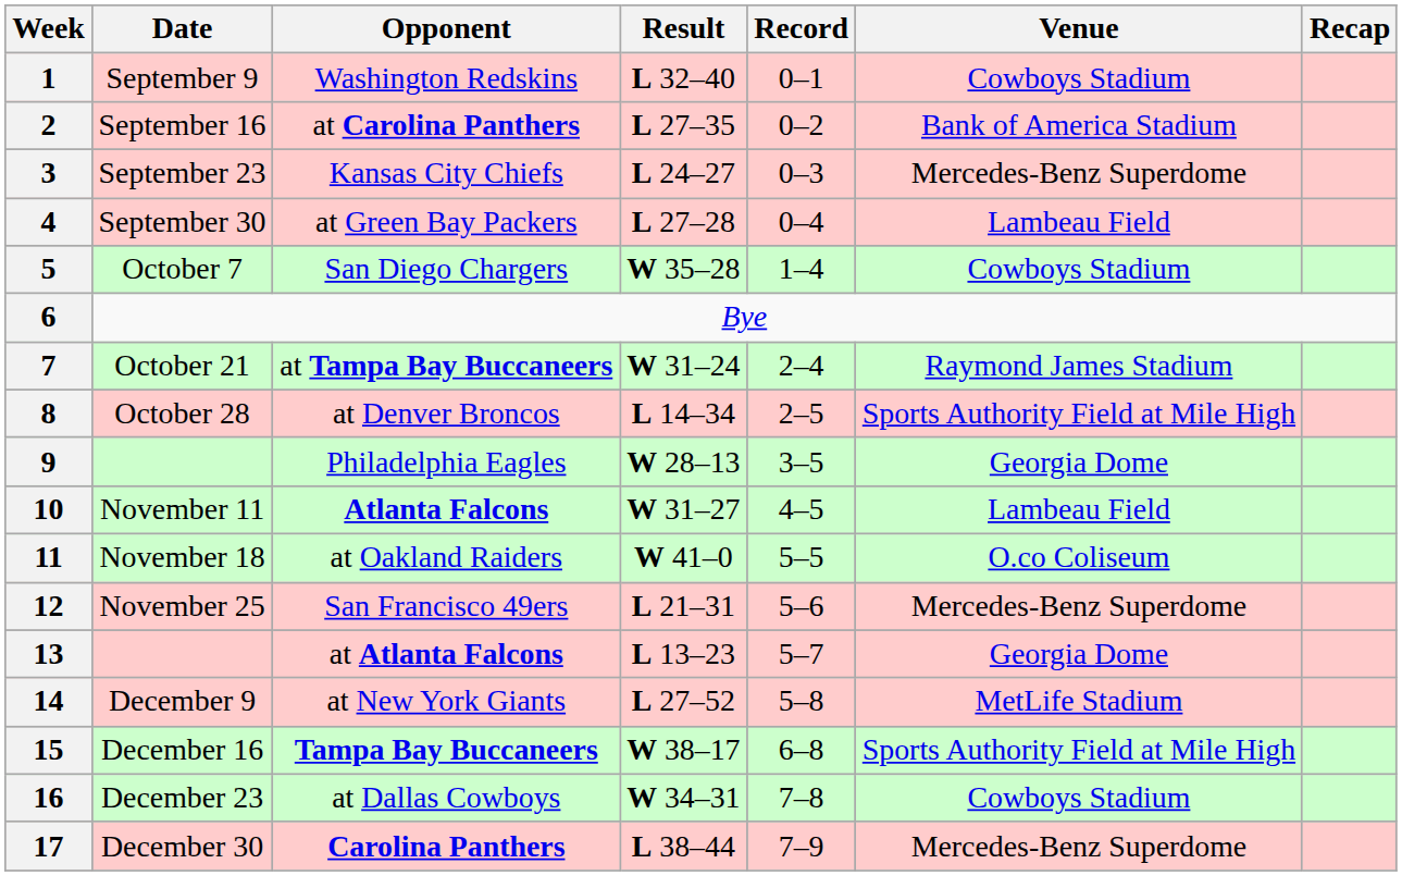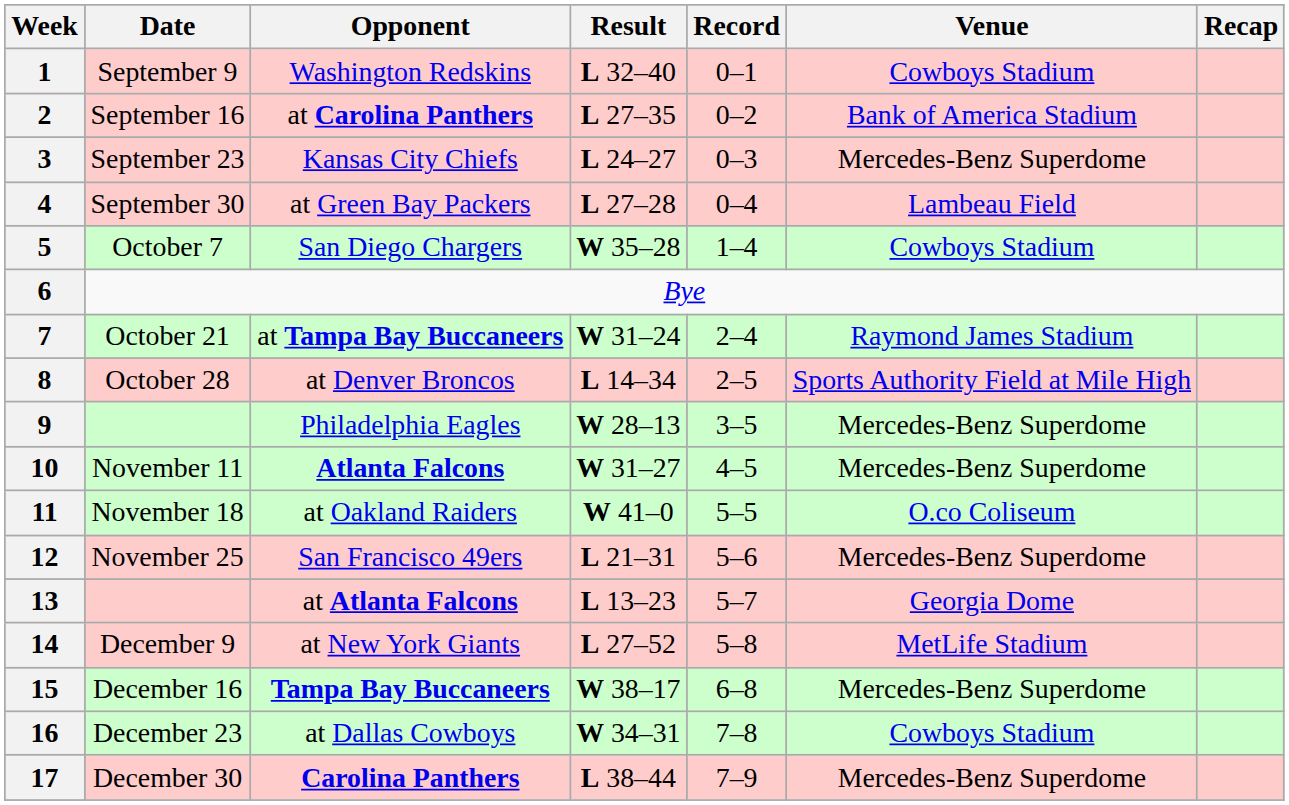 <table class="wikitable" style="text-align:center">
 <tr>
 <th>Week</th>
 <th>Date</th>
 <th>Opponent</th>
 <th>Result</th>
 <th>Record</th>
 <th>Venue</th>
 <th>Recap</th>
 </tr>
 <tr style="background:#fcc; text-align:center;">
 <th>1</th>
 <td>September 9</td>
 <td><a href='#'>Washington Redskins</a></td>
 <td><strong>L</strong> 32–40</td>
 <td>0–1</td>
 <td><a href='#'>Cowboys Stadium</a></td>
 <td></td>
 </tr>
 <tr style="background:#fcc; text-align:center;">
 <th>2</th>
 <td>September 16</td>
 <td>at <strong><a href='#'>Carolina Panthers</a></strong></td>
 <td><strong>L</strong> 27–35</td>
 <td>0–2</td>
 <td><a href='#'>Bank of America Stadium</a></td>
 <td></td>
 </tr>
 <tr style="background:#fcc; text-align:center;">
 <th>3</th>
 <td>September 23</td>
 <td><a href='#'>Kansas City Chiefs</a></td>
 <td><strong>L</strong> 24–27 </td>
 <td>0–3</td>
 <td>Mercedes-Benz Superdome</td>
 <td></td>
 </tr>
 <tr style="background:#fcc; text-align:center;">
 <th>4</th>
 <td>September 30</td>
 <td>at <a href='#'>Green Bay Packers</a></td>
 <td><strong>L</strong> 27–28</td>
 <td>0–4</td>
 <td><a href='#'>Lambeau Field</a></td>
 <td></td>
 </tr>
 <tr style="background:#cfc; text-align:center;">
 <th>5</th>
 <td>October 7</td>
 <td><a href='#'>San Diego Chargers</a></td>
 <td><strong>W</strong> 35–28</td>
 <td>1–4</td>
 <td><a href='#'>Cowboys Stadium</a></td>
 <td></td>
 </tr>
 <tr>
 <th>6</th>
 <td colspan="6" style="text-align:center;"><em><a href='#'>Bye</a></em></td>
 </tr>
 <tr style="background:#cfc; text-align:center;">
 <th>7</th>
 <td>October 21</td>
 <td>at <strong><a href='#'>Tampa Bay Buccaneers</a></strong></td>
 <td><strong>W</strong> 31–24</td>
 <td>2–4</td>
 <td><a href='#'>Raymond James Stadium</a></td>
 <td></td>
 </tr>
 <tr style="background:#fcc; text-align:center;">
 <th>8</th>
 <td>October 28</td>
 <td>at <a href='#'>Denver Broncos</a></td>
 <td><strong>L</strong> 14–34</td>
 <td>2–5</td>
 <td><a href='#'>Sports Authority Field at Mile High</a></td>
 <td></td>
 </tr>
 <tr style="background:#cfc; text-align:center;">
 <th>9</th>
 <td></td>
 <td><a href='#'>Philadelphia Eagles</a></td>
 <td><strong>W</strong> 28–13</td>
 <td>3–5</td>
-<td><a href='#'>Georgia Dome</a></td>
+<td>Mercedes-Benz Superdome</td>
 <td></td>
 </tr>
 <tr style="background:#cfc; text-align:center;">
 <th>10</th>
 <td>November 11</td>
 <td><strong><a href='#'>Atlanta Falcons</a></strong></td>
 <td><strong>W</strong> 31–27</td>
 <td>4–5</td>
-<td><a href='#'>Lambeau Field</a></td>
+<td>Mercedes-Benz Superdome</td>
 <td></td>
 </tr>
 <tr style="background:#cfc; text-align:center;">
 <th>11</th>
 <td>November 18</td>
 <td>at <a href='#'>Oakland Raiders</a></td>
 <td><strong>W</strong> 41–0</td>
 <td>5–5</td>
 <td><a href='#'>O.co Coliseum</a></td>
 <td></td>
 </tr>
 <tr style="background:#fcc; text-align:center;">
 <th>12</th>
 <td>November 25</td>
 <td><a href='#'>San Francisco 49ers</a></td>
 <td><strong>L</strong> 21–31</td>
 <td>5–6</td>
 <td>Mercedes-Benz Superdome</td>
 <td></td>
 </tr>
 <tr style="background:#fcc; text-align:center;">
 <th>13</th>
 <td></td>
 <td>at <strong><a href='#'>Atlanta Falcons</a></strong></td>
 <td><strong>L</strong> 13–23</td>
 <td>5–7</td>
 <td><a href='#'>Georgia Dome</a></td>
 <td></td>
 </tr>
 <tr style="background:#fcc; text-align:center;">
 <th>14</th>
 <td>December 9</td>
 <td>at <a href='#'>New York Giants</a></td>
 <td><strong>L</strong> 27–52</td>
 <td>5–8</td>
 <td><a href='#'>MetLife Stadium</a></td>
 <td></td>
 </tr>
 <tr style="background:#cfc; text-align:center;">
 <th>15</th>
 <td>December 16</td>
 <td><strong><a href='#'>Tampa Bay Buccaneers</a></strong></td>
 <td><strong>W</strong> 38–17</td>
 <td>6–8</td>
-<td><a href='#'>Sports Authority Field at Mile High</a></td>
+<td>Mercedes-Benz Superdome</td>
 <td></td>
 </tr>
 <tr style="background:#cfc; text-align:center;">
 <th>16</th>
 <td>December 23</td>
 <td>at <a href='#'>Dallas Cowboys</a></td>
 <td><strong>W</strong> 34–31 </td>
 <td>7–8</td>
 <td><a href='#'>Cowboys Stadium</a></td>
 <td></td>
 </tr>
 <tr style="background:#fcc; text-align:center;">
 <th>17</th>
 <td>December 30</td>
 <td><strong><a href='#'>Carolina Panthers</a></strong></td>
 <td><strong>L</strong> 38–44</td>
 <td>7–9</td>
 <td>Mercedes-Benz Superdome</td>
 <td></td>
 </tr>
 </table>
